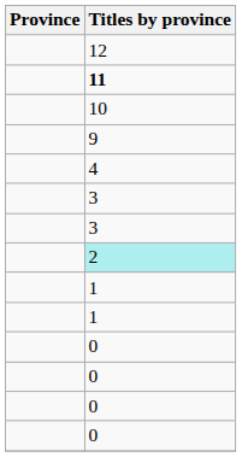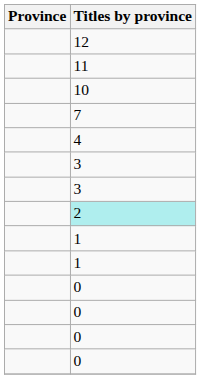 <table class="wikitable">
 <tr>
 <th scope="col">Province</th>
 <th scope="col">Titles by province</th>
 </tr>
 <tr>
 <td></td>
 <td>12</td>
 </tr>
 <tr>
 <td></td>
-<td><strong>11</strong></td>
+<td>11</td>
 </tr>
 <tr>
 <td></td>
 <td>10</td>
 </tr>
 <tr>
 <td></td>
-<td>9</td>
+<td>7</td>
 </tr>
 <tr>
 <td></td>
 <td>4</td>
 </tr>
 <tr>
 <td></td>
 <td>3</td>
 </tr>
 <tr>
 <td></td>
 <td>3</td>
 </tr>
 <tr>
 <td></td>
 <td style="background: paleturquoise;">2</td>
 </tr>
 <tr>
 <td></td>
 <td>1</td>
 </tr>
 <tr>
 <td></td>
 <td>1</td>
 </tr>
 <tr>
 <td></td>
 <td>0</td>
 </tr>
 <tr>
 <td></td>
 <td>0</td>
 </tr>
 <tr>
 <td></td>
 <td>0</td>
 </tr>
 <tr>
 <td></td>
 <td>0</td>
 </tr>
 <tr>
 </tr>
 </table>
